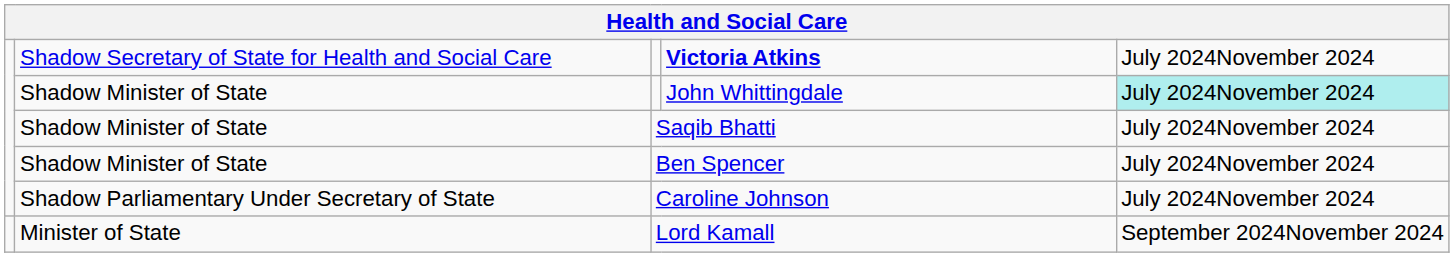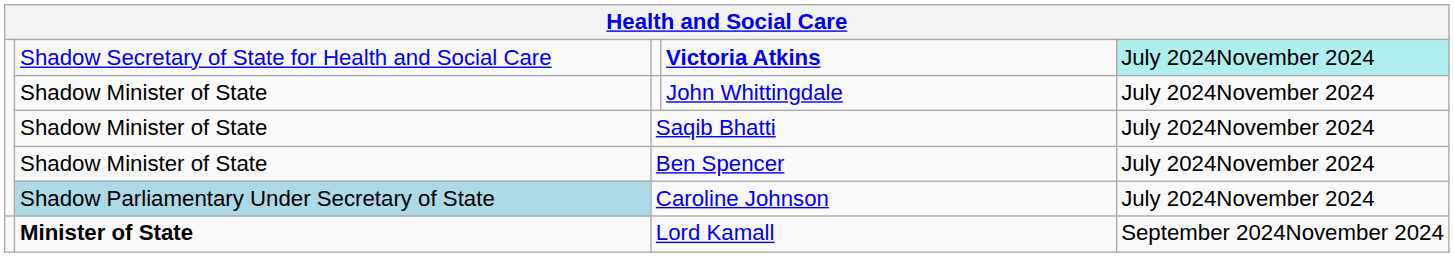 <table class="wikitable">
 <tr>
 <th colspan="5"><a href='#'>Health and Social Care</a></th>
 </tr>
 <tr>
 <td rowspan="5" style="background: "></td>
 <td style="width: 450px;"><a href='#'>Shadow Secretary of State for Health and Social Care</a></td>
 <td style="background: "></td>
 <td style="width: 320px;"><strong><a href='#'>Victoria Atkins</a></strong></td>
-<td>July 2024November 2024</td>
+<td style="background: paleturquoise;">July 2024November 2024</td>
 </tr>
 <tr>
 <td>Shadow Minister of State</td>
 <td style="background: "></td>
 <td><a href='#'>John Whittingdale</a></td>
-<td style="background: paleturquoise;">July 2024November 2024</td>
+<td>July 2024November 2024</td>
 </tr>
 <tr>
 <td>Shadow Minister of State</td>
 <td colspan="2"><a href='#'>Saqib Bhatti</a><br></td>
 <td>July 2024November 2024</td>
 </tr>
 <tr>
 <td>Shadow Minister of State</td>
 <td colspan="2"><a href='#'>Ben Spencer</a></td>
 <td>July 2024November 2024</td>
 </tr>
 <tr>
-<td>Shadow Parliamentary Under Secretary of State</td>
+<td style="background: lightblue;">Shadow Parliamentary Under Secretary of State</td>
 <td colspan="2"><a href='#'>Caroline Johnson</a></td>
 <td>July 2024November 2024</td>
 </tr>
 <tr>
 <td style="background: "></td>
-<td>Minister of State</td>
+<td><strong>Minister of State</strong></td>
 <td colspan="2"><a href='#'>Lord Kamall</a></td>
 <td>September 2024November 2024</td>
 </tr>
 </table>
